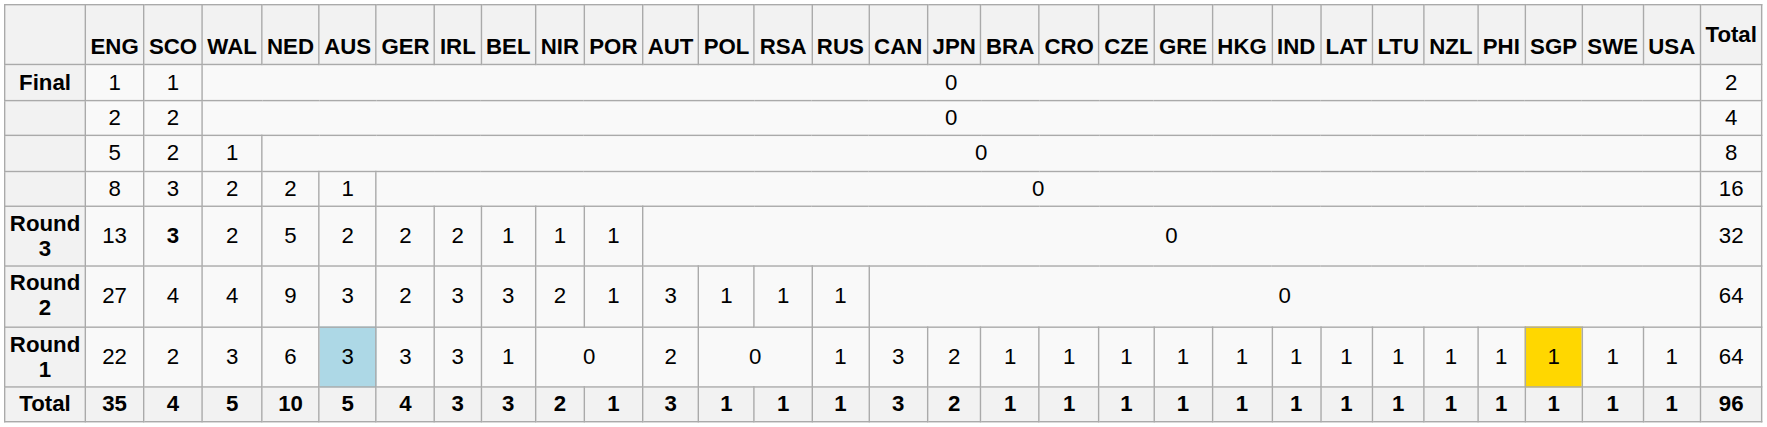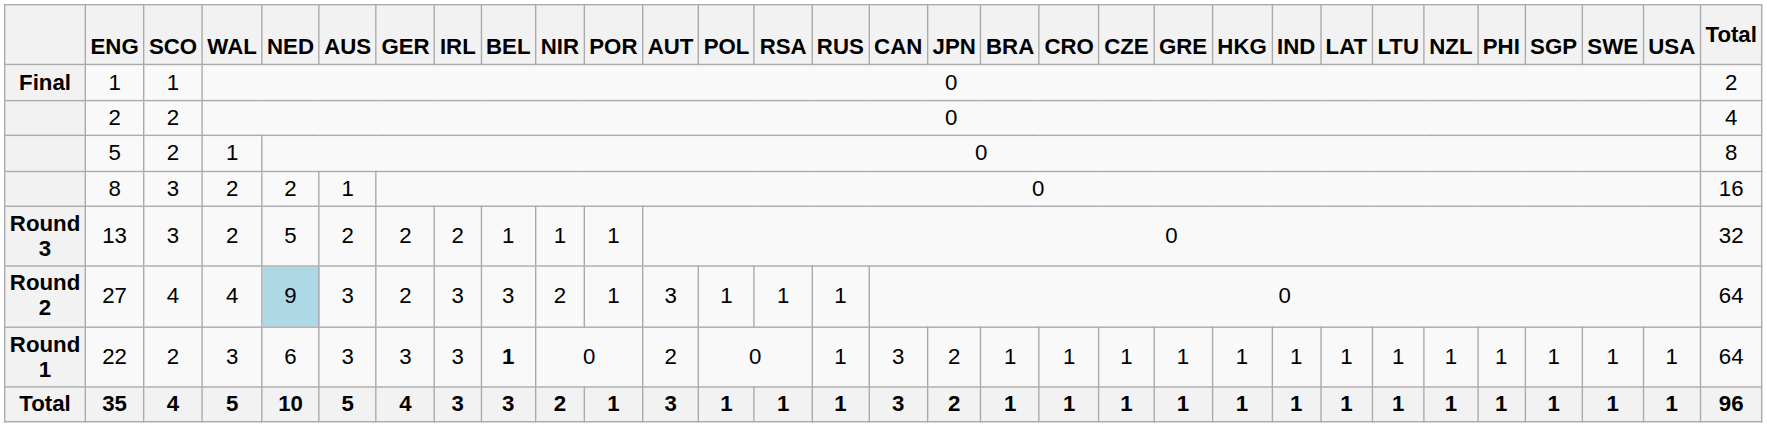 <table class="wikitable">
 <tr>
 <th></th>
 <th><br>ENG</th>
 <th><br>SCO</th>
 <th><br>WAL</th>
 <th><br>NED</th>
 <th><br>AUS</th>
 <th><br>GER</th>
 <th><br>IRL</th>
 <th><br>BEL</th>
 <th><br>NIR</th>
 <th><br>POR</th>
 <th><br>AUT</th>
 <th><br>POL</th>
 <th><br>RSA</th>
 <th><br>RUS</th>
 <th><br>CAN</th>
 <th><br>JPN</th>
 <th><br>BRA</th>
 <th><br>CRO</th>
 <th><br>CZE</th>
 <th><br>GRE</th>
 <th><br>HKG</th>
 <th><br>IND</th>
 <th><br>LAT</th>
 <th><br>LTU</th>
 <th><br>NZL</th>
 <th><br>PHI</th>
 <th><br>SGP</th>
 <th><br>SWE</th>
 <th><br>USA</th>
 <th>Total</th>
 </tr>
 <tr align="center">
 <th>Final</th>
 <td>1</td>
 <td>1</td>
 <td colspan="27">0</td>
 <td>2</td>
 </tr>
 <tr align="center">
 <th></th>
 <td>2</td>
 <td>2</td>
 <td colspan="27">0</td>
 <td>4</td>
 </tr>
 <tr align="center">
 <th></th>
 <td>5</td>
 <td>2</td>
 <td>1</td>
 <td colspan="26">0</td>
 <td>8</td>
 </tr>
 <tr align="center">
 <th></th>
 <td>8</td>
 <td>3</td>
 <td>2</td>
 <td>2</td>
 <td>1</td>
 <td colspan="24">0</td>
 <td>16</td>
 </tr>
 <tr align="center">
 <th>Round 3</th>
 <td>13</td>
-<td><strong>3</strong></td>
+<td>3</td>
 <td>2</td>
 <td>5</td>
 <td>2</td>
 <td>2</td>
 <td>2</td>
 <td>1</td>
 <td>1</td>
 <td>1</td>
 <td colspan="19">0</td>
 <td>32</td>
 </tr>
 <tr align="center">
 <th>Round 2</th>
 <td>27</td>
 <td>4</td>
 <td>4</td>
-<td>9</td>
+<td style="background: lightblue;">9</td>
 <td>3</td>
 <td>2</td>
 <td>3</td>
 <td>3</td>
 <td>2</td>
 <td>1</td>
 <td>3</td>
 <td>1</td>
 <td>1</td>
 <td>1</td>
 <td colspan="15">0</td>
 <td>64</td>
 </tr>
 <tr align="center">
 <th>Round 1</th>
 <td>22</td>
 <td>2</td>
 <td>3</td>
 <td>6</td>
-<td style="background: lightblue;">3</td>
 <td>3</td>
 <td>3</td>
-<td>1</td>
+<td>3</td>
+<td><strong>1</strong></td>
 <td colspan="2">0</td>
 <td>2</td>
 <td colspan="2">0</td>
 <td>1</td>
 <td>3</td>
 <td>2</td>
 <td>1</td>
 <td>1</td>
 <td>1</td>
 <td>1</td>
 <td>1</td>
 <td>1</td>
 <td>1</td>
 <td>1</td>
 <td>1</td>
 <td>1</td>
-<td style="background: gold;">1</td>
+<td>1</td>
 <td>1</td>
 <td>1</td>
 <td>64</td>
 </tr>
 <tr align="center">
 <th>Total</th>
 <th>35</th>
 <th>4</th>
 <th>5</th>
 <th>10</th>
 <th>5</th>
 <th>4</th>
 <th>3</th>
 <th>3</th>
 <th>2</th>
 <th>1</th>
 <th>3</th>
 <th>1</th>
 <th>1</th>
 <th>1</th>
 <th>3</th>
 <th>2</th>
 <th>1</th>
 <th>1</th>
 <th>1</th>
 <th>1</th>
 <th>1</th>
 <th>1</th>
 <th>1</th>
 <th>1</th>
 <th>1</th>
 <th>1</th>
 <th>1</th>
 <th>1</th>
 <th>1</th>
 <th>96</th>
 </tr>
 </table>
